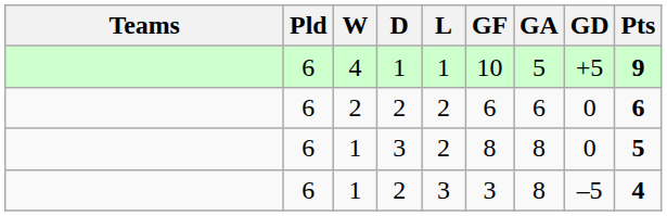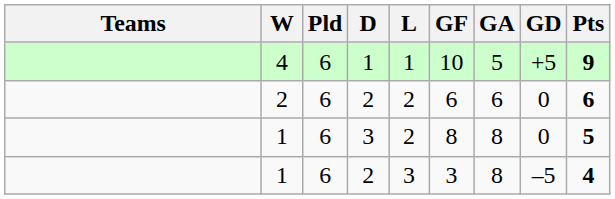 <table class="wikitable" style="text-align: center;">
 <tr>
 <th width=165>Teams</th>
+<th width=20>W</th>
 <th width=20>Pld</th>
-<th width=20>W</th>
 <th width=20>D</th>
 <th width=20>L</th>
 <th width=20>GF</th>
 <th width=20>GA</th>
 <th width=20>GD</th>
 <th width=20>Pts</th>
 </tr>
 <tr align=center style="background:#ccffcc;">
 <td style="text-align:left;"></td>
+<td>4</td>
 <td>6</td>
-<td>4</td>
 <td>1</td>
 <td>1</td>
 <td>10</td>
 <td>5</td>
 <td>+5</td>
 <td><strong>9</strong></td>
 </tr>
 <tr align=center>
 <td style="text-align:left;"></td>
+<td>2</td>
 <td>6</td>
-<td>2</td>
 <td>2</td>
 <td>2</td>
 <td>6</td>
 <td>6</td>
 <td>0</td>
 <td><strong>6</strong></td>
 </tr>
 <tr align=center>
 <td style="text-align:left;"></td>
+<td>1</td>
 <td>6</td>
-<td>1</td>
 <td>3</td>
 <td>2</td>
 <td>8</td>
 <td>8</td>
 <td>0</td>
 <td><strong>5</strong></td>
 </tr>
 <tr align=center>
 <td style="text-align:left;"></td>
+<td>1</td>
 <td>6</td>
-<td>1</td>
 <td>2</td>
 <td>3</td>
 <td>3</td>
 <td>8</td>
 <td>–5</td>
 <td><strong>4</strong></td>
 </tr>
 </table>
